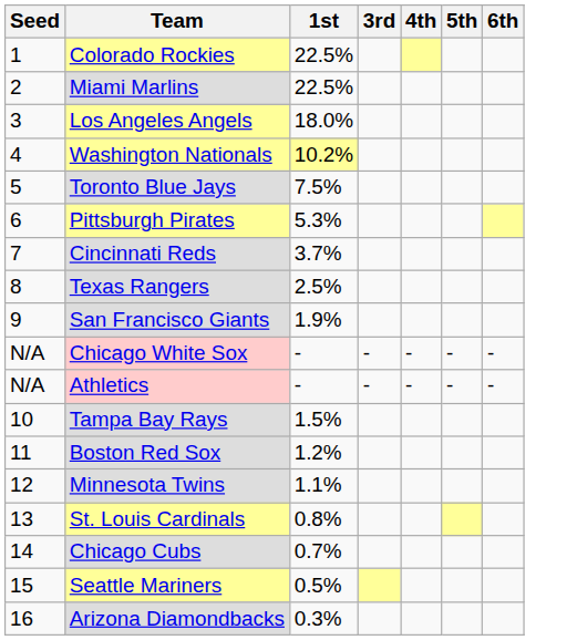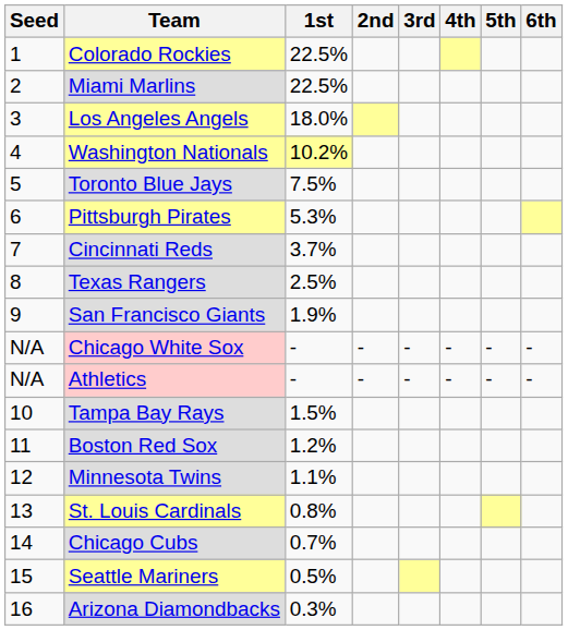 <table class="wikitable">
 <tr>
 <th>Seed</th>
 <th>Team</th>
 <th>1st</th>
+<th>2nd</th>
 <th>3rd</th>
 <th>4th</th>
 <th>5th</th>
 <th>6th</th>
 </tr>
 <tr>
 <td align="left">1</td>
 <td style="background:#ff9;"><a href='#'>Colorado Rockies</a></td>
 <td>22.5%</td>
+<td></td>
 <td></td>
 <td style="background:#ff9;"></td>
 <td></td>
 <td></td>
 </tr>
 <tr>
 <td align="left">2</td>
 <td style="background:#DDDDDD;"><a href='#'>Miami Marlins</a></td>
 <td>22.5%</td>
 <td></td>
 <td></td>
 <td></td>
 <td></td>
+<td></td>
 </tr>
 <tr>
 <td align="left">3</td>
 <td style="background:#ff9;"><a href='#'>Los Angeles Angels</a></td>
 <td>18.0%</td>
+<td style="background:#ff9;"></td>
 <td></td>
 <td></td>
 <td></td>
 <td></td>
 </tr>
 <tr>
 <td align="left">4</td>
 <td style="background:#ff9;"><a href='#'>Washington Nationals</a></td>
 <td style="background:#ff9;">10.2%</td>
 <td></td>
 <td></td>
 <td></td>
 <td></td>
+<td></td>
 </tr>
 <tr>
 <td align="left">5</td>
 <td style="background:#DDDDDD;"><a href='#'>Toronto Blue Jays</a></td>
 <td>7.5%</td>
 <td></td>
 <td></td>
 <td></td>
 <td></td>
+<td></td>
 </tr>
 <tr>
 <td align="left">6</td>
 <td style="background:#ff9;"><a href='#'>Pittsburgh Pirates</a></td>
 <td>5.3%</td>
+<td></td>
 <td></td>
 <td></td>
 <td></td>
 <td style="background:#ff9;"></td>
 </tr>
 <tr>
 <td align="left">7</td>
 <td style="background:#DDDDDD;"><a href='#'>Cincinnati Reds</a></td>
 <td>3.7%</td>
 <td></td>
 <td></td>
 <td></td>
 <td></td>
+<td></td>
 </tr>
 <tr>
 <td align="left">8</td>
 <td style="background:#DDDDDD;"><a href='#'>Texas Rangers</a></td>
 <td>2.5%</td>
+<td></td>
 <td></td>
 <td></td>
 <td></td>
 <td></td>
 </tr>
 <tr>
 <td align="left">9</td>
 <td style="background:#DDDDDD;"><a href='#'>San Francisco Giants</a></td>
 <td>1.9%</td>
 <td></td>
 <td></td>
 <td></td>
 <td></td>
+<td></td>
 </tr>
 <tr>
 <td align="left">N/A</td>
 <td style="background:#FFCCCC;"><a href='#'>Chicago White Sox</a></td>
+<td>-</td>
 <td>-</td>
 <td>-</td>
 <td>-</td>
 <td>-</td>
 <td>-</td>
 </tr>
 <tr>
 <td align="left">N/A</td>
 <td style="background:#FFCCCC;"><a href='#'>Athletics</a></td>
 <td>-</td>
 <td>-</td>
 <td>-</td>
 <td>-</td>
 <td>-</td>
+<td>-</td>
 </tr>
 <tr>
 <td align="left">10</td>
 <td style="background:#DDDDDD;"><a href='#'>Tampa Bay Rays</a></td>
 <td>1.5%</td>
+<td></td>
 <td></td>
 <td></td>
 <td></td>
 <td></td>
 </tr>
 <tr>
 <td align="left">11</td>
 <td style="background:#DDDDDD;"><a href='#'>Boston Red Sox</a></td>
 <td>1.2%</td>
 <td></td>
 <td></td>
 <td></td>
 <td></td>
+<td></td>
 </tr>
 <tr>
 <td align="left">12</td>
 <td style="background:#DDDDDD;"><a href='#'>Minnesota Twins</a></td>
 <td>1.1%</td>
 <td></td>
 <td></td>
 <td></td>
 <td></td>
+<td></td>
 </tr>
 <tr>
 <td align="left">13</td>
 <td style="background:#ff9;"><a href='#'>St. Louis Cardinals</a></td>
 <td>0.8%</td>
+<td></td>
 <td></td>
 <td></td>
 <td style="background:#ff9;"></td>
 <td></td>
 </tr>
 <tr>
 <td align="left">14</td>
 <td style="background:#DDDDDD;"><a href='#'>Chicago Cubs</a></td>
 <td>0.7%</td>
 <td></td>
 <td></td>
 <td></td>
 <td></td>
+<td></td>
 </tr>
 <tr>
 <td align="left">15</td>
 <td style="background:#ff9;"><a href='#'>Seattle Mariners</a></td>
 <td>0.5%</td>
+<td></td>
 <td style="background:#ff9;"></td>
 <td></td>
 <td></td>
 <td></td>
 </tr>
 <tr>
 <td align="left">16</td>
 <td style="background:#DDDDDD;"><a href='#'>Arizona Diamondbacks</a></td>
 <td>0.3%</td>
 <td></td>
 <td></td>
 <td></td>
 <td></td>
+<td></td>
 </tr>
 </table>
